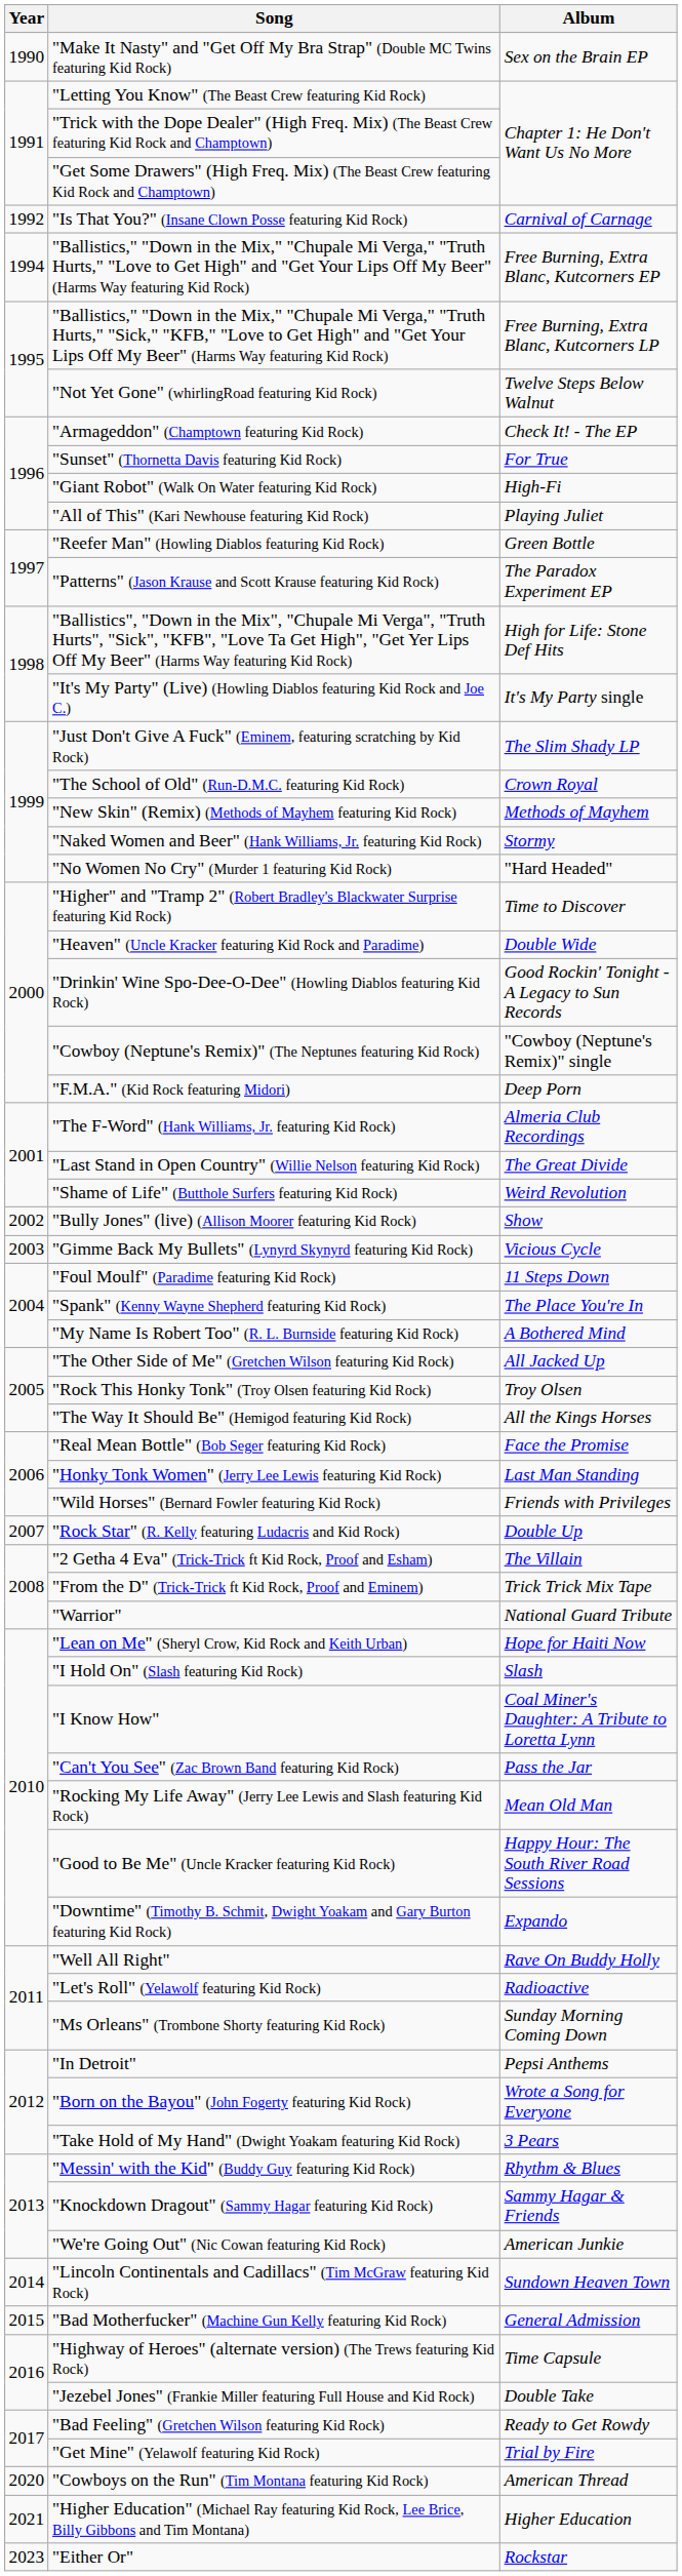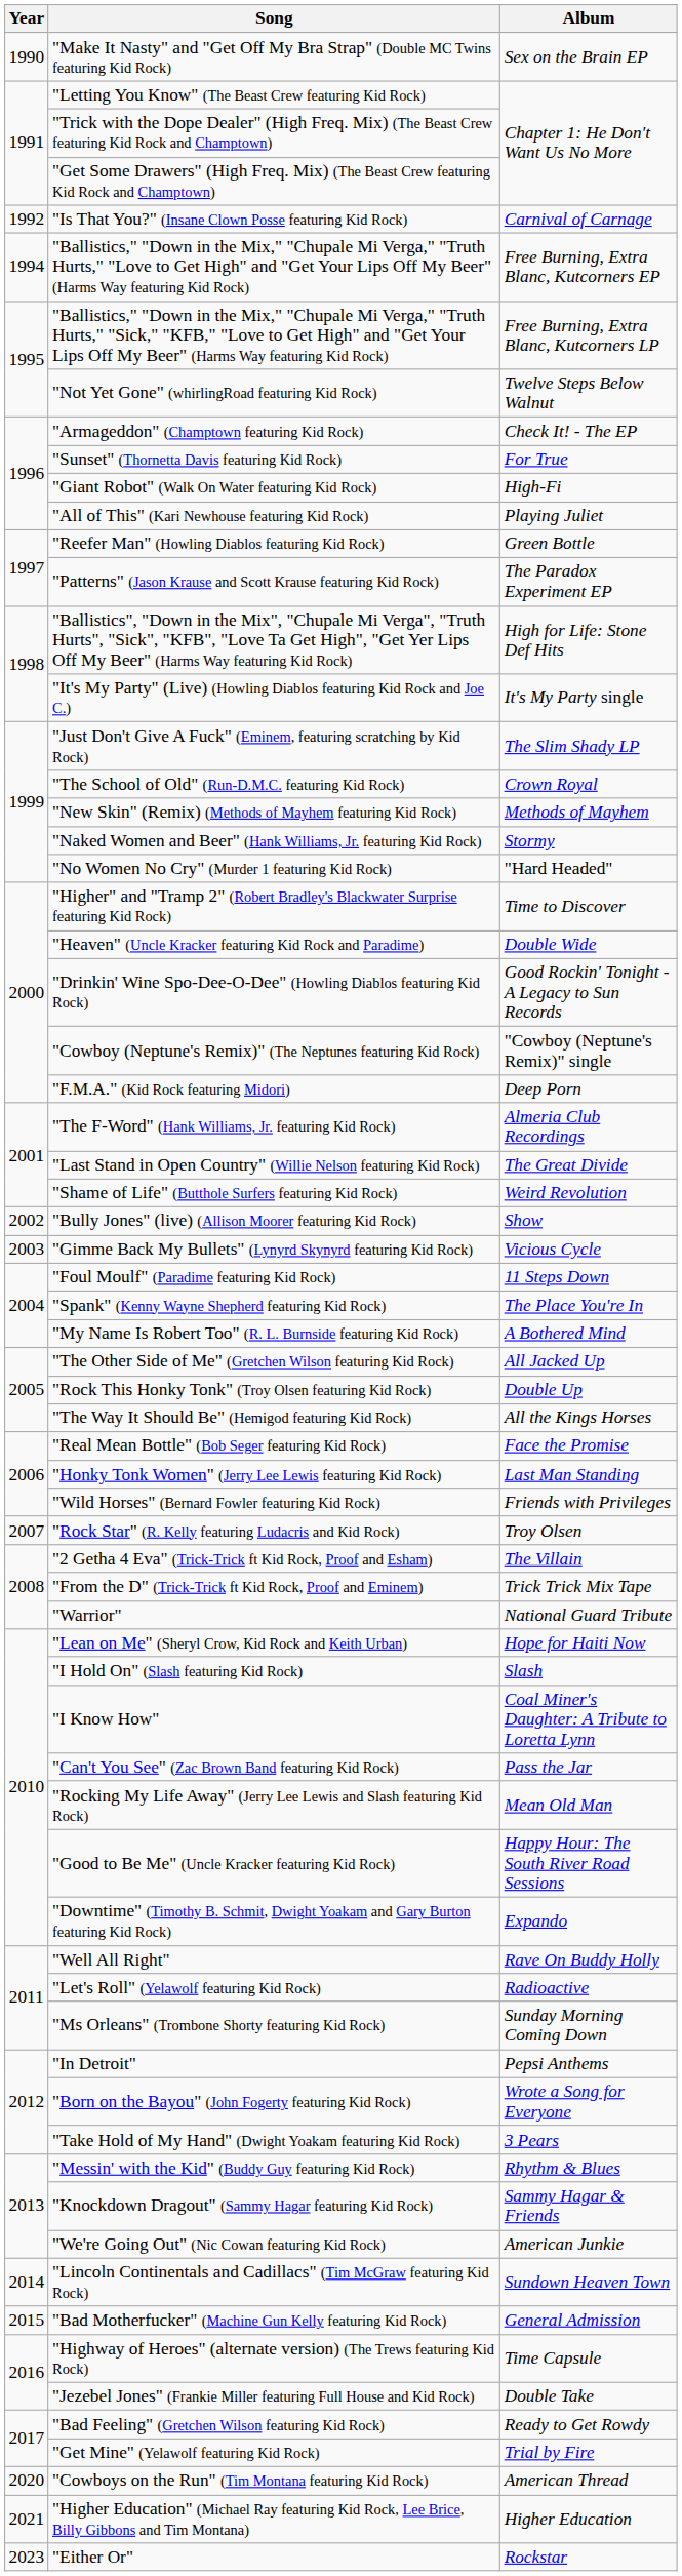 <table class="wikitable">
 <tr>
 <th align="left">Year</th>
 <th align="left">Song</th>
 <th align="left">Album</th>
 </tr>
 <tr>
 <td align="center">1990</td>
 <td align="left">"Make It Nasty" and "Get Off My Bra Strap" <small>(Double MC Twins featuring Kid Rock)</small></td>
 <td align="left"><em>Sex on the Brain EP</em></td>
 </tr>
 <tr>
 <td rowspan="3">1991</td>
 <td align="left">"Letting You Know" <small>(The Beast Crew featuring Kid Rock)</small></td>
 <td rowspan="3"><em>Chapter 1: He Don't Want Us No More</em></td>
 </tr>
 <tr>
 <td align="left">"Trick with the Dope Dealer" (High Freq. Mix) <small>(The Beast Crew featuring Kid Rock and <a href='#'>Champtown</a>)</small></td>
 </tr>
 <tr>
 <td align="left">"Get Some Drawers" (High Freq. Mix) <small>(The Beast Crew featuring Kid Rock and <a href='#'>Champtown</a>)</small></td>
 </tr>
 <tr>
 <td align="center">1992</td>
 <td align="left">"Is That You?" <small>(<a href='#'>Insane Clown Posse</a> featuring Kid Rock)</small></td>
 <td align="left"><em><a href='#'>Carnival of Carnage</a></em></td>
 </tr>
 <tr>
 <td>1994</td>
 <td>"Ballistics," "Down in the Mix," "Chupale Mi Verga," "Truth Hurts," "Love to Get High" and "Get Your Lips Off My Beer" <small>(Harms Way featuring Kid Rock)</small></td>
 <td><em>Free Burning, Extra Blanc, Kutcorners EP</em></td>
 </tr>
 <tr>
 <td rowspan="2">1995</td>
 <td>"Ballistics," "Down in the Mix," "Chupale Mi Verga," "Truth Hurts," "Sick," "KFB," "Love to Get High" and "Get Your Lips Off My Beer" <small>(Harms Way featuring Kid Rock)</small></td>
 <td><em>Free Burning, Extra Blanc, Kutcorners LP</em></td>
 </tr>
 <tr>
 <td>"Not Yet Gone" <small>(whirlingRoad featuring Kid Rock)</small></td>
 <td><em>Twelve Steps Below Walnut</em></td>
 </tr>
 <tr>
 <td rowspan="4">1996</td>
 <td align="left">"Armageddon" <small>(<a href='#'>Champtown</a> featuring Kid Rock)</small></td>
 <td align="left"><em>Check It! - The EP</em></td>
 </tr>
 <tr>
 <td align="left">"Sunset" <small>(<a href='#'>Thornetta Davis</a> featuring Kid Rock)</small></td>
 <td align="left"><em><a href='#'>For True</a></em></td>
 </tr>
 <tr>
 <td align="left">"Giant Robot" <small>(Walk On Water featuring Kid Rock)</small></td>
 <td align="left"><em>High-Fi</em></td>
 </tr>
 <tr>
 <td align="left">"All of This" <small>(Kari Newhouse featuring Kid Rock)</small></td>
 <td align= "left"><em>Playing Juliet</em></td>
 </tr>
 <tr>
 <td rowspan="2">1997</td>
 <td>"Reefer Man" <small>(Howling Diablos featuring Kid Rock)</small></td>
 <td><em>Green Bottle</em></td>
 </tr>
 <tr>
 <td align="left">"Patterns" <small>(<a href='#'>Jason Krause</a> and Scott Krause featuring Kid Rock)</small></td>
 <td align="left"><em>The Paradox Experiment EP</em></td>
 </tr>
 <tr>
 <td rowspan="2" align="center">1998</td>
 <td align="left">"Ballistics", "Down in the Mix", "Chupale Mi Verga", "Truth Hurts", "Sick", "KFB", "Love Ta Get High", "Get Yer Lips Off My Beer" <small>(Harms Way featuring Kid Rock)</small></td>
 <td align="left"><em>High for Life: Stone Def Hits</em></td>
 </tr>
 <tr>
 <td align="left">"It's My Party" (Live) <small>(Howling Diablos featuring Kid Rock and <a href='#'>Joe C.</a>)</small></td>
 <td align="left"><em>It's My Party</em> single</td>
 </tr>
 <tr>
 <td align="center" rowspan="5">1999</td>
 <td align="left">"Just Don't Give A Fuck" <small>(<a href='#'>Eminem</a>, featuring scratching by Kid Rock)</small></td>
 <td align="left"><em><a href='#'>The Slim Shady LP</a></em></td>
 </tr>
 <tr>
 <td align="left">"The School of Old" <small>(<a href='#'>Run-D.M.C.</a> featuring Kid Rock)</small></td>
 <td align="left"><em><a href='#'>Crown Royal</a></em></td>
 </tr>
 <tr>
 <td align="left">"New Skin" (Remix) <small>(<a href='#'>Methods of Mayhem</a> featuring Kid Rock)</small></td>
 <td align="left"><em><a href='#'>Methods of Mayhem</a></em></td>
 </tr>
 <tr>
 <td align="left">"Naked Women and Beer" <small>(<a href='#'>Hank Williams, Jr.</a> featuring Kid Rock)</small></td>
 <td align="left"><em><a href='#'>Stormy</a></em></td>
 </tr>
 <tr>
 <td align="left">"No Women No Cry" <small>(Murder 1 featuring Kid Rock)</small></td>
 <td align="left">"Hard Headed"</td>
 </tr>
 <tr>
 <td align="center" rowspan="5">2000</td>
 <td align="left">"Higher" and "Tramp 2" <small>(<a href='#'>Robert Bradley's Blackwater Surprise</a> featuring Kid Rock)</small></td>
 <td align="left"><em>Time to Discover</em></td>
 </tr>
 <tr>
 <td align="left">"Heaven" <small>(<a href='#'>Uncle Kracker</a> featuring Kid Rock and <a href='#'>Paradime</a>)</small></td>
 <td align="left"><em><a href='#'>Double Wide</a></em></td>
 </tr>
 <tr>
 <td align="left">"Drinkin' Wine Spo-Dee-O-Dee" <small>(Howling Diablos featuring Kid Rock)</small></td>
 <td align="left"><em>Good Rockin' Tonight - A Legacy to Sun Records</em></td>
 </tr>
 <tr>
 <td align="left">"Cowboy (Neptune's Remix)" <small>(The Neptunes featuring Kid Rock)</small></td>
 <td align="left">"Cowboy (Neptune's Remix)" single</td>
 </tr>
 <tr>
 <td align="left">"F.M.A." <small>(Kid Rock featuring <a href='#'>Midori</a>)</small></td>
 <td align="left"><em>Deep Porn</em></td>
 </tr>
 <tr>
 <td align="center" rowspan="3">2001</td>
 <td align="left">"The F-Word" <small>(<a href='#'>Hank Williams, Jr.</a> featuring Kid Rock)</small></td>
 <td align="left"><em><a href='#'>Almeria Club Recordings</a></em></td>
 </tr>
 <tr>
 <td align="left">"Last Stand in Open Country" <small>(<a href='#'>Willie Nelson</a> featuring Kid Rock)</small></td>
 <td align="left"><em><a href='#'>The Great Divide</a></em></td>
 </tr>
 <tr>
 <td align="left">"Shame of Life" <small>(<a href='#'>Butthole Surfers</a> featuring Kid Rock)</small></td>
 <td align="left"><em><a href='#'>Weird Revolution</a></em></td>
 </tr>
 <tr>
 <td align="center">2002</td>
 <td align="left">"Bully Jones" (live) <small>(<a href='#'>Allison Moorer</a> featuring Kid Rock)</small></td>
 <td align="left"><em><a href='#'>Show</a></em></td>
 </tr>
 <tr>
 <td align="center">2003</td>
 <td align="left">"Gimme Back My Bullets" <small>(<a href='#'>Lynyrd Skynyrd</a> featuring Kid Rock)</small></td>
 <td align="left"><em><a href='#'>Vicious Cycle</a></em></td>
 </tr>
 <tr>
 <td align="center" rowspan="3">2004</td>
 <td align="left">"Foul Moulf" <small>(<a href='#'>Paradime</a> featuring Kid Rock)</small></td>
 <td align="left"><em><a href='#'>11 Steps Down</a></em></td>
 </tr>
 <tr>
 <td align="left">"Spank" <small>(<a href='#'>Kenny Wayne Shepherd</a> featuring Kid Rock)</small></td>
 <td align="left"><em><a href='#'>The Place You're In</a></em></td>
 </tr>
 <tr>
 <td align="left">"My Name Is Robert Too" <small>(<a href='#'>R. L. Burnside</a> featuring Kid Rock)</small></td>
 <td align="left"><em><a href='#'>A Bothered Mind</a></em></td>
 </tr>
 <tr>
 <td align="center" rowspan="3">2005</td>
 <td align="left">"The Other Side of Me" <small>(<a href='#'>Gretchen Wilson</a> featuring Kid Rock)</small></td>
 <td align="left"><em><a href='#'>All Jacked Up</a></em></td>
 </tr>
 <tr>
 <td align="left">"Rock This Honky Tonk" <small> (Troy Olsen featuring Kid Rock)</small></td>
-<td align="left"><em>Troy Olsen</em></td>
+<td align="left"><em><a href='#'>Double Up</a></em></td>
 </tr>
 <tr>
 <td align="left">"The Way It Should Be" <small> (Hemigod featuring Kid Rock)</small></td>
 <td align="left"><em>All the Kings Horses</em></td>
 </tr>
 <tr>
 <td align="center" rowspan="3">2006</td>
 <td align="left">"Real Mean Bottle" <small>(<a href='#'>Bob Seger</a> featuring Kid Rock)</small></td>
 <td align="left"><em><a href='#'>Face the Promise</a></em></td>
 </tr>
 <tr>
 <td align="left">"<a href='#'>Honky Tonk Women</a>" <small>(<a href='#'>Jerry Lee Lewis</a> featuring Kid Rock)</small></td>
 <td align="left"><em><a href='#'>Last Man Standing</a></em></td>
 </tr>
 <tr>
 <td align="left">"Wild Horses" <small>(Bernard Fowler featuring Kid Rock)</small></td>
 <td align="left"><em>Friends with Privileges</em></td>
 </tr>
 <tr>
 <td align="center">2007</td>
 <td align="left">"<a href='#'>Rock Star</a>" <small>(<a href='#'>R. Kelly</a> featuring <a href='#'>Ludacris</a> and Kid Rock)</small></td>
-<td align="left"><em><a href='#'>Double Up</a></em></td>
+<td align="left"><em>Troy Olsen</em></td>
 </tr>
 <tr>
 <td align="center" rowspan="3">2008</td>
 <td align="left">"2 Getha 4 Eva" <small>(<a href='#'>Trick-Trick</a> ft Kid Rock, <a href='#'>Proof</a> and <a href='#'>Esham</a>)</small></td>
 <td align="left"><em><a href='#'>The Villain</a></em></td>
 </tr>
 <tr>
 <td align="left">"From the D" <small>(<a href='#'>Trick-Trick</a> ft Kid Rock, <a href='#'>Proof</a> and <a href='#'>Eminem</a>)</small></td>
 <td align="left"><em>Trick Trick Mix Tape</em></td>
 </tr>
 <tr>
 <td align="left">"Warrior"</td>
 <td align="left"><em>National Guard Tribute</em></td>
 </tr>
 <tr>
 <td align="center" rowspan="7">2010</td>
 <td align="left">"<a href='#'>Lean on Me</a>" <small>(Sheryl Crow, Kid Rock and <a href='#'>Keith Urban</a>)</small></td>
 <td align="left"><em><a href='#'>Hope for Haiti Now</a></em></td>
 </tr>
 <tr>
 <td align="left">"I Hold On" <small>(<a href='#'>Slash</a> featuring Kid Rock)</small></td>
 <td align="left"><em><a href='#'>Slash</a></em></td>
 </tr>
 <tr>
 <td align="left">"I Know How"</td>
 <td align="left"><em><a href='#'>Coal Miner's Daughter: A Tribute to Loretta Lynn</a></em></td>
 </tr>
 <tr>
 <td align="left">"<a href='#'>Can't You See</a>" <small>(<a href='#'>Zac Brown Band</a> featuring Kid Rock)</small></td>
 <td align="left"><em><a href='#'>Pass the Jar</a></em></td>
 </tr>
 <tr>
 <td align="left">"Rocking My Life Away" <small>(Jerry Lee Lewis and Slash featuring Kid Rock)</small></td>
 <td align="left"><em><a href='#'>Mean Old Man</a></em></td>
 </tr>
 <tr>
 <td align="left">"Good to Be Me" <small>(Uncle Kracker featuring Kid Rock)</small></td>
 <td align="left"><em><a href='#'>Happy Hour: The South River Road Sessions</a></em></td>
 </tr>
 <tr>
 <td align="left">"Downtime" <small>(<a href='#'>Timothy B. Schmit</a>, <a href='#'>Dwight Yoakam</a> and <a href='#'>Gary Burton</a> featuring Kid Rock)</small></td>
 <td align="left"><em><a href='#'>Expando</a></em></td>
 </tr>
 <tr>
 <td align="center" rowspan="3">2011</td>
 <td align="left">"Well All Right"</td>
 <td align="left"><em><a href='#'>Rave On Buddy Holly</a></em></td>
 </tr>
 <tr>
 <td align="left">"Let's Roll" <small>(<a href='#'>Yelawolf</a> featuring Kid Rock)</small></td>
 <td align="left"><em><a href='#'>Radioactive</a></em></td>
 </tr>
 <tr>
 <td align="left">"Ms Orleans" <small>(Trombone Shorty featuring Kid Rock)</small></td>
 <td align="left"><em>Sunday Morning Coming Down</em></td>
 </tr>
 <tr>
 <td align="center" rowspan="3">2012</td>
 <td align="left">"In Detroit"</td>
 <td align="left"><em>Pepsi Anthems</em></td>
 </tr>
 <tr>
 <td align="left">"<a href='#'>Born on the Bayou</a>" <small>(<a href='#'>John Fogerty</a> featuring Kid Rock)</small></td>
 <td align="left"><em><a href='#'>Wrote a Song for Everyone</a></em></td>
 </tr>
 <tr>
 <td align="left">"Take Hold of My Hand" <small>(Dwight Yoakam featuring Kid Rock)</small></td>
 <td align="left"><em><a href='#'>3 Pears</a></em></td>
 </tr>
 <tr>
 <td align="center" rowspan="3">2013</td>
 <td align="left">"<a href='#'>Messin' with the Kid</a>" <small>(<a href='#'>Buddy Guy</a> featuring Kid Rock)</small></td>
 <td align="left"><em><a href='#'>Rhythm & Blues</a></em></td>
 </tr>
 <tr>
 <td align="left">"Knockdown Dragout" <small>(<a href='#'>Sammy Hagar</a> featuring Kid Rock)</small></td>
 <td align="left"><em><a href='#'>Sammy Hagar & Friends</a></em></td>
 </tr>
 <tr>
 <td align="left">"We're Going Out" <small>(Nic Cowan featuring Kid Rock)</small></td>
 <td align="left"><em>American Junkie</em></td>
 </tr>
 <tr>
 <td align="center">2014</td>
 <td align="left">"Lincoln Continentals and Cadillacs" <small>(<a href='#'>Tim McGraw</a> featuring Kid Rock)</small></td>
 <td align="left"><em><a href='#'>Sundown Heaven Town</a></em></td>
 </tr>
 <tr>
 <td align="center">2015</td>
 <td align="left">"Bad Motherfucker" <small>(<a href='#'>Machine Gun Kelly</a> featuring Kid Rock)</small></td>
 <td align="left"><a href='#'><em>General Admission</em></a></td>
 </tr>
 <tr>
 <td align="center" rowspan="2">2016</td>
 <td align="left">"Highway of Heroes" (alternate version) <small>(The Trews featuring Kid Rock)</small></td>
 <td align="left"><em>Time Capsule</em></td>
 </tr>
 <tr>
 <td align="left">"Jezebel Jones" <small>(Frankie Miller featuring Full House and Kid Rock)</small></td>
 <td align="left"><em>Double Take</em></td>
 </tr>
 <tr>
 <td align="center" rowspan="2">2017</td>
 <td align="left">"Bad Feeling" <small>(<a href='#'>Gretchen Wilson</a> featuring Kid Rock)</small></td>
 <td align="left"><em>Ready to Get Rowdy</em></td>
 </tr>
 <tr>
 <td align="left">"Get Mine" <small>(Yelawolf featuring Kid Rock)</small></td>
 <td align="left"><em><a href='#'>Trial by Fire</a></em></td>
 </tr>
 <tr>
 <td align="center">2020</td>
 <td align="left">"Cowboys on the Run" <small>(<a href='#'>Tim Montana</a> featuring Kid Rock)</small></td>
 <td align="left"><em>American Thread</em></td>
 </tr>
 <tr>
 <td align="center">2021</td>
 <td align="left">"Higher Education" <small>(Michael Ray featuring Kid Rock, <a href='#'>Lee Brice</a>, <a href='#'>Billy Gibbons</a> and Tim Montana)</small></td>
 <td align="left"><em>Higher Education</em></td>
 </tr>
 <tr>
 <td align="center">2023</td>
 <td align="left">"Either Or"</td>
 <td align="left"><em><a href='#'>Rockstar</a></em></td>
 </tr>
 </table>
